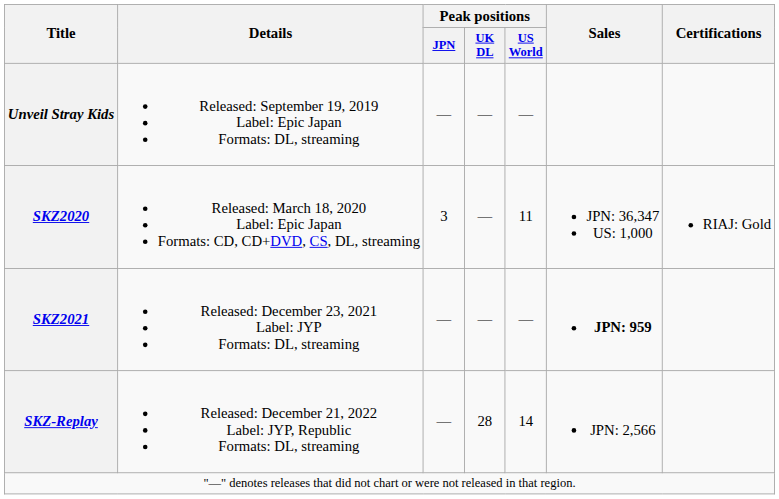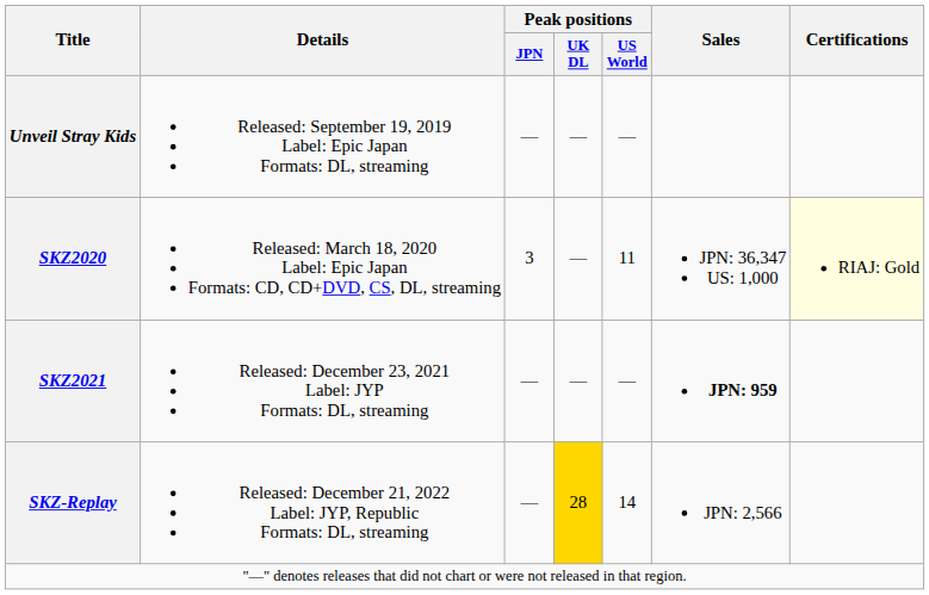 <table class="wikitable plainrowheaders" style="text-align:center">
 <tr>
 <th scope="col" rowspan="2">Title</th>
 <th scope="col" rowspan="2">Details</th>
 <th scope="col" colspan="3">Peak positions</th>
 <th scope="col" rowspan="2">Sales</th>
 <th scope="col" rowspan="2">Certifications</th>
 </tr>
 <tr>
 <th scope="col" style="width:2.8em;font-size:85%"><a href='#'>JPN</a><br></th>
 <th scope="col" style="width:2.8em;font-size:85%"><a href='#'>UK<br>DL</a><br></th>
 <th scope="col" style="width:2.8em;font-size:85%"><a href='#'>US<br>World</a><br></th>
 </tr>
 <tr>
 <th scope="row"><em>Unveil Stray Kids</em></th>
 <td><br><ul><li>Released: September 19, 2019</li><li>Label: Epic Japan</li><li>Formats: DL, streaming</li></ul></td>
 <td>—</td>
 <td>—</td>
 <td>—</td>
 <td></td>
 <td></td>
 </tr>
 <tr>
 <th scope="row"><em><a href='#'>SKZ2020</a></em></th>
 <td><br><ul><li>Released: March 18, 2020</li><li>Label: Epic Japan</li><li>Formats: CD, CD+<a href='#'>DVD</a>, <a href='#'>CS</a>, DL, streaming</li></ul></td>
 <td>3</td>
 <td>—</td>
 <td>11</td>
 <td><br><ul><li>JPN: 36,347</li><li>US: 1,000</li></ul></td>
-<td><br><ul><li>RIAJ: Gold </li></ul></td>
+<td style="background: lightyellow;"><br><ul><li>RIAJ: Gold </li></ul></td>
 </tr>
 <tr>
 <th scope="row"><em><a href='#'>SKZ2021</a></em></th>
 <td><br><ul><li>Released: December 23, 2021</li><li>Label: JYP</li><li>Formats: DL, streaming</li></ul></td>
 <td>—</td>
 <td>—</td>
 <td>—</td>
 <td><strong><br><ul><li>JPN: 959</li></ul></strong></td>
 <td></td>
 </tr>
 <tr>
 <th scope="row"><em><a href='#'>SKZ-Replay</a></em></th>
 <td><br><ul><li>Released: December 21, 2022</li><li>Label: JYP, Republic</li><li>Formats: DL, streaming</li></ul></td>
 <td>—</td>
-<td>28</td>
+<td style="background: gold;">28</td>
 <td>14</td>
 <td><br><ul><li>JPN: 2,566</li></ul></td>
 <td></td>
 </tr>
 <tr>
 <td colspan="7" style="font-size:85%">"—" denotes releases that did not chart or were not released in that region.</td>
 </tr>
 </table>
